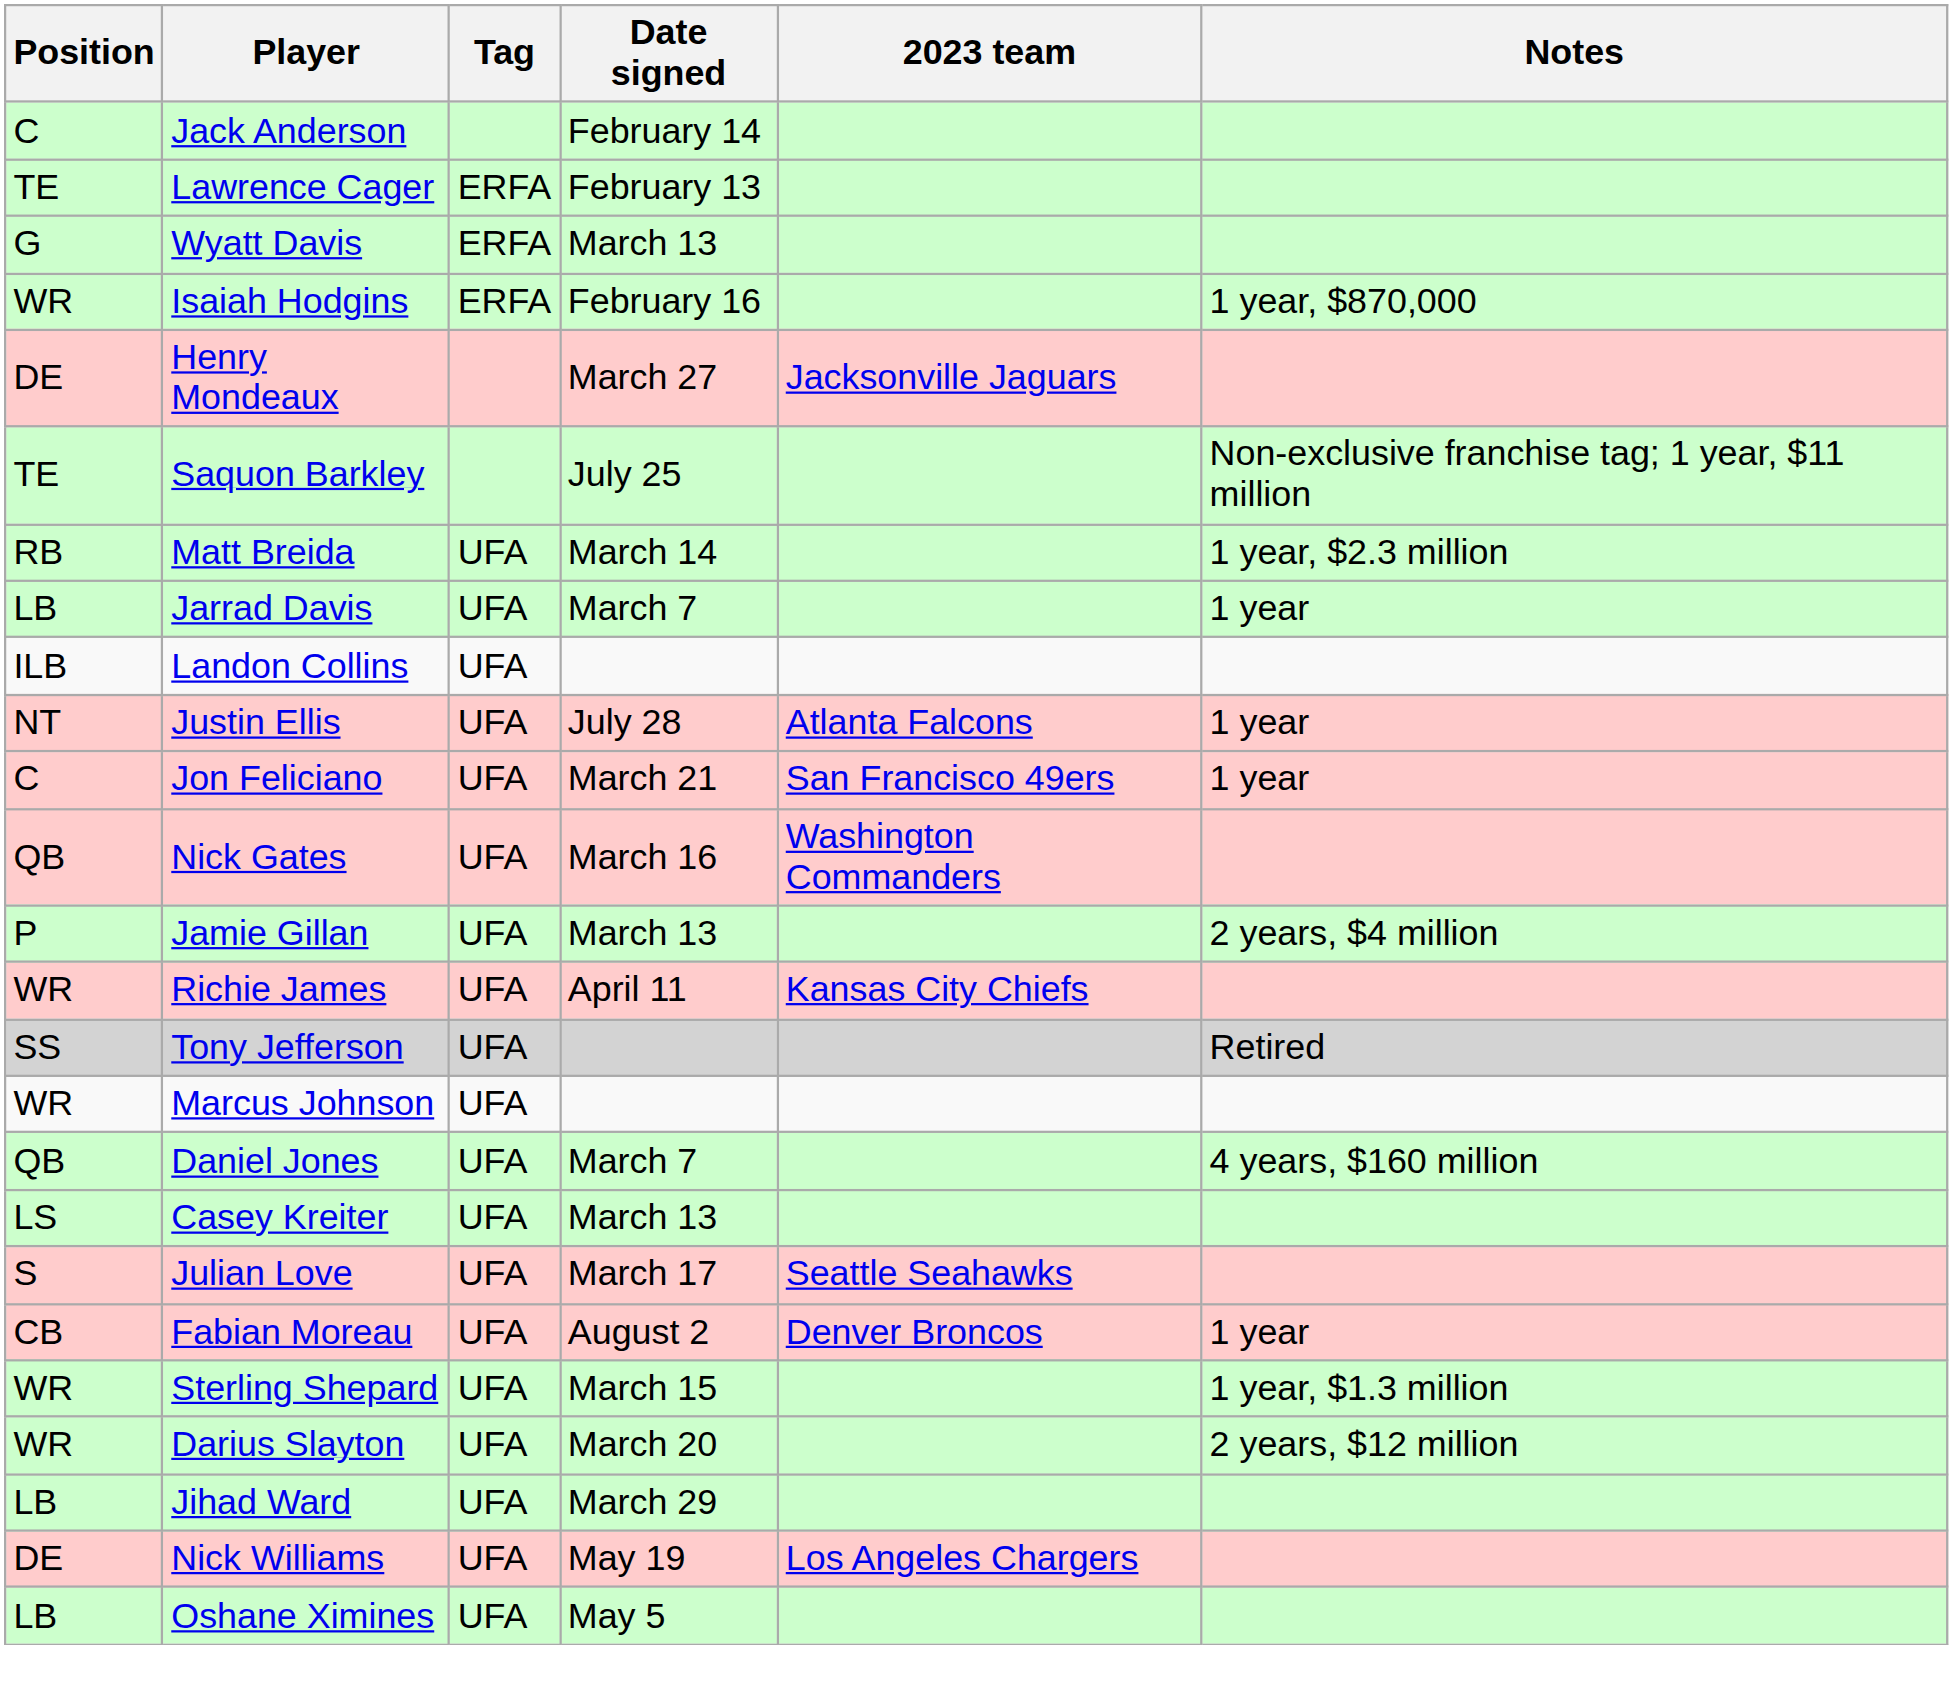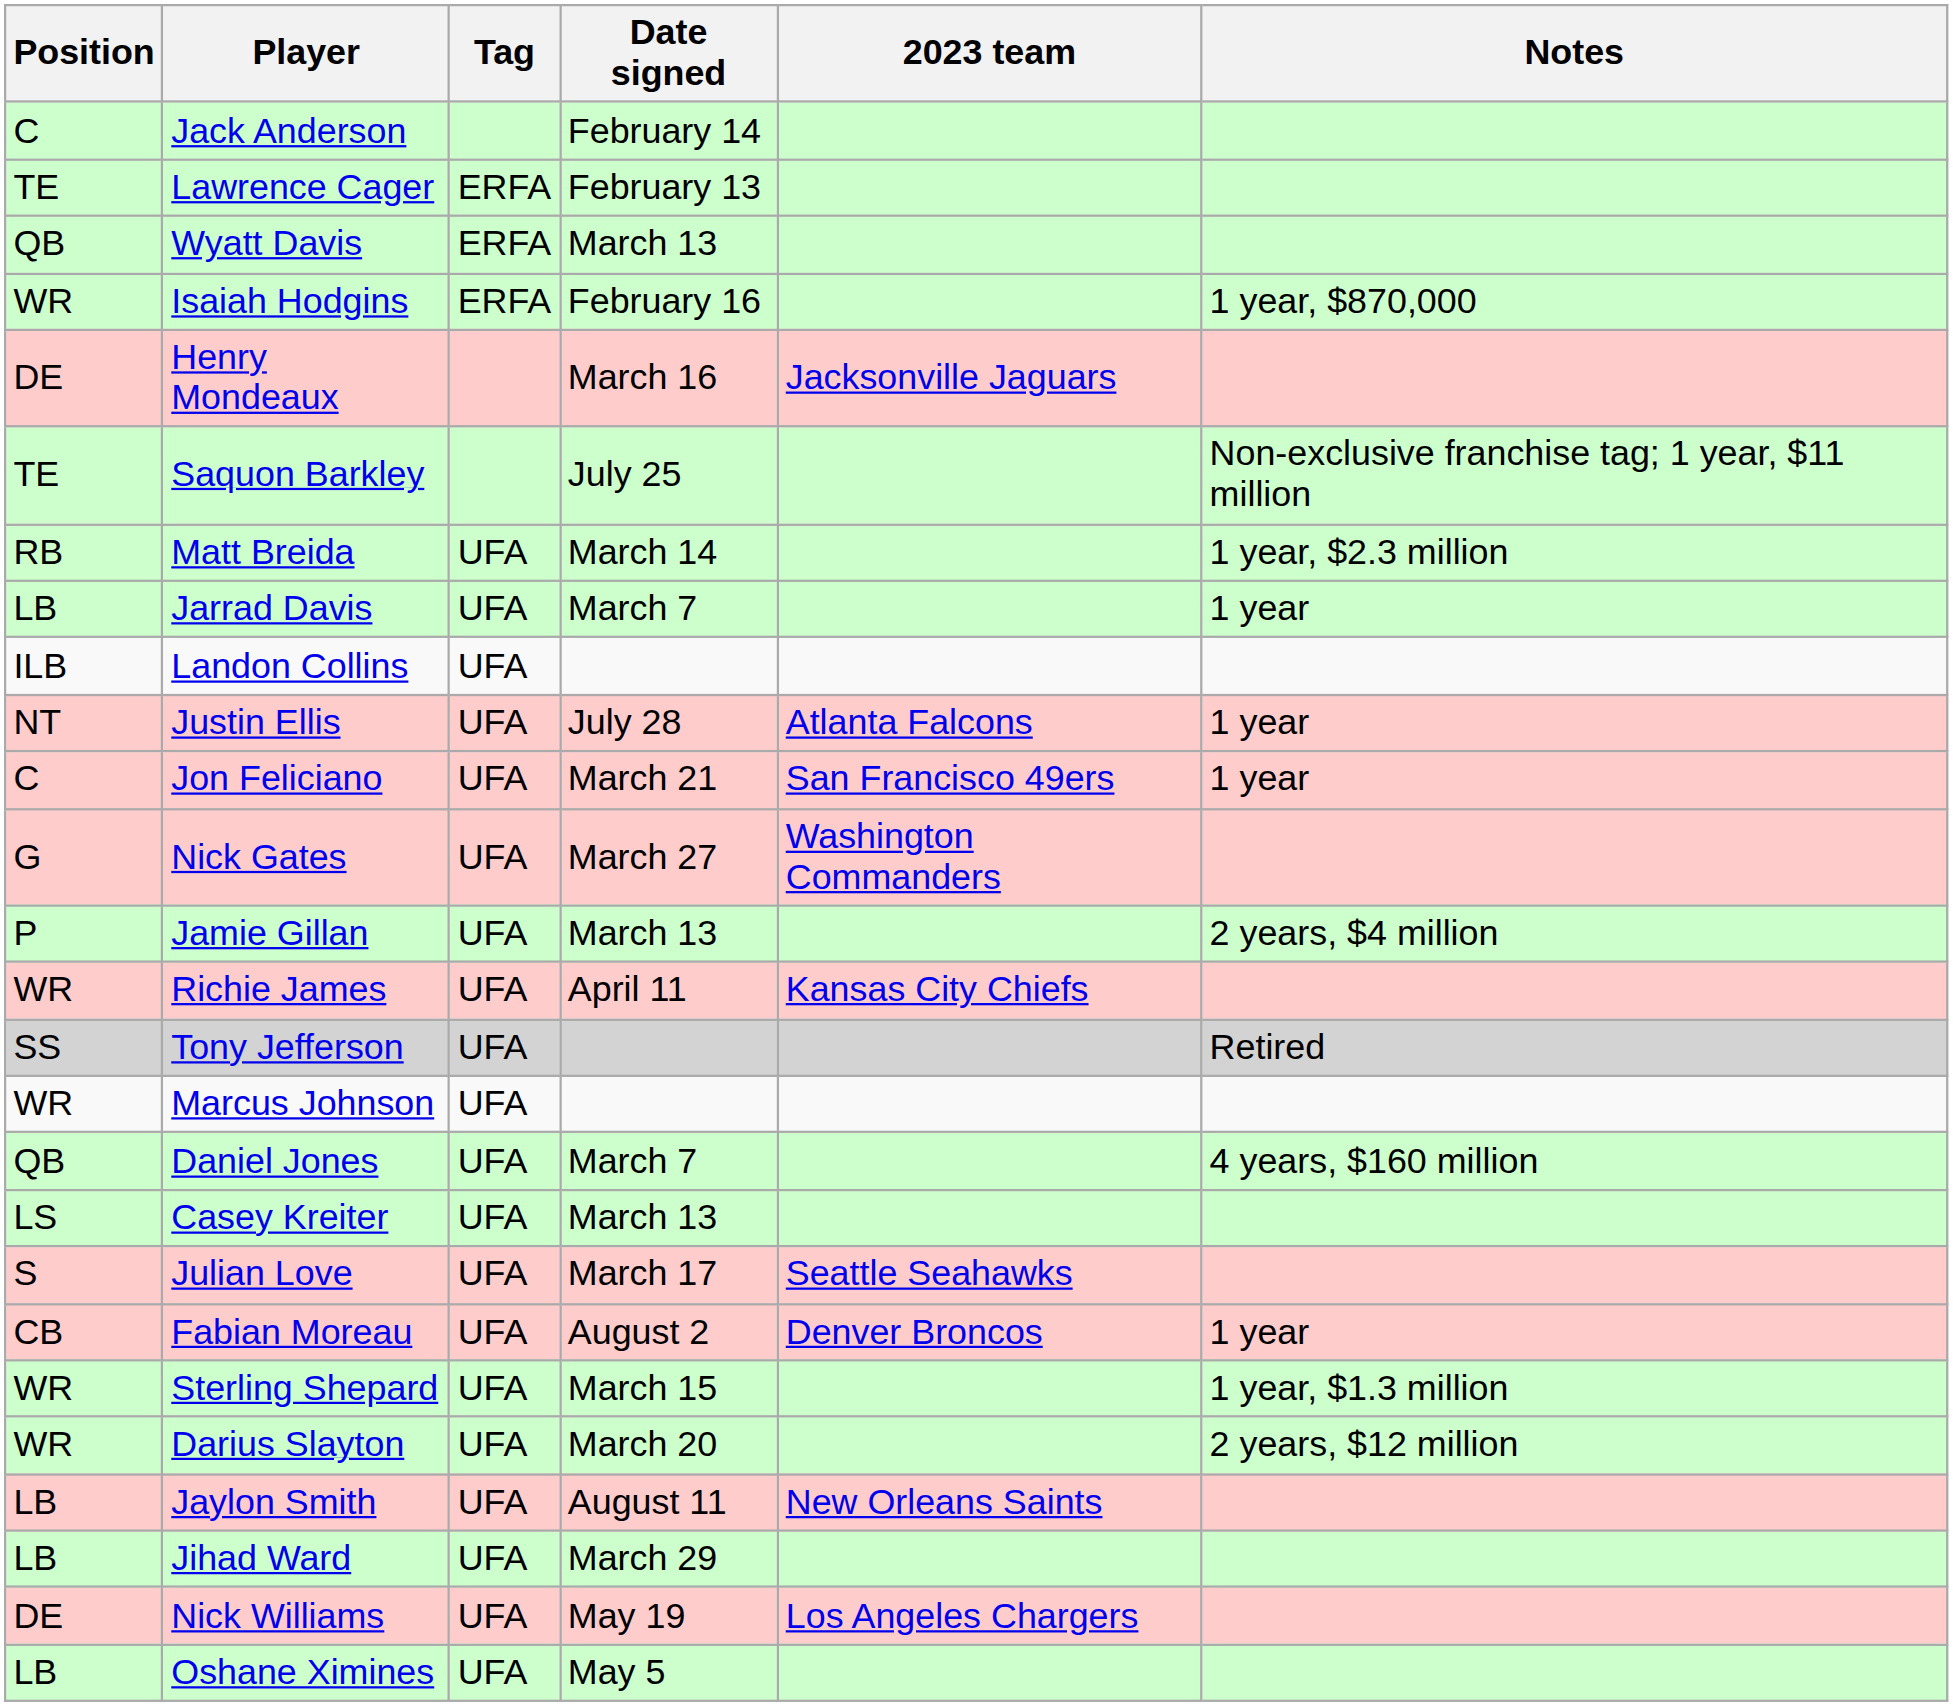 <table class="wikitable">
 <tr>
 <th>Position</th>
 <th>Player</th>
 <th>Tag</th>
 <th>Date signed</th>
 <th>2023 team</th>
 <th>Notes</th>
 </tr>
 <tr bgcolor="#ccffcc">
 <td>C</td>
 <td><a href='#'>Jack Anderson</a></td>
 <td></td>
 <td>February 14</td>
 <td></td>
 <td></td>
 </tr>
 <tr bgcolor="#ccffcc">
 <td>TE</td>
 <td><a href='#'>Lawrence Cager</a></td>
 <td>ERFA</td>
 <td>February 13</td>
 <td></td>
 <td></td>
 </tr>
 <tr bgcolor="#ccffcc">
-<td>G</td>
+<td>QB</td>
 <td><a href='#'>Wyatt Davis</a></td>
 <td>ERFA</td>
 <td>March 13</td>
 <td></td>
 <td></td>
 </tr>
 <tr bgcolor="#ccffcc">
 <td>WR</td>
 <td><a href='#'>Isaiah Hodgins</a></td>
 <td>ERFA</td>
 <td>February 16</td>
 <td></td>
 <td>1 year, $870,000</td>
 </tr>
 <tr bgcolor="#ffcccc">
 <td>DE</td>
 <td><a href='#'>Henry Mondeaux</a></td>
 <td></td>
-<td>March 27</td>
+<td>March 16</td>
 <td><a href='#'>Jacksonville Jaguars</a></td>
 <td></td>
 </tr>
 <tr bgcolor="#ccffcc">
 <td>TE</td>
 <td><a href='#'>Saquon Barkley</a></td>
 <td></td>
 <td>July 25</td>
 <td></td>
 <td>Non-exclusive franchise tag; 1 year, $11 million </td>
 </tr>
 <tr bgcolor="#ccffcc">
 <td>RB</td>
 <td><a href='#'>Matt Breida</a></td>
 <td>UFA</td>
 <td>March 14</td>
 <td></td>
 <td>1 year, $2.3 million</td>
 </tr>
 <tr bgcolor="#ccffcc">
 <td>LB</td>
 <td><a href='#'>Jarrad Davis</a></td>
 <td>UFA</td>
 <td>March 7</td>
 <td></td>
 <td>1 year</td>
 </tr>
 <tr>
 <td>ILB</td>
 <td><a href='#'>Landon Collins</a></td>
 <td>UFA</td>
 <td></td>
 <td></td>
 <td></td>
 </tr>
 <tr bgcolor="#ffcccc">
 <td>NT</td>
 <td><a href='#'>Justin Ellis</a></td>
 <td>UFA</td>
 <td>July 28</td>
 <td><a href='#'>Atlanta Falcons</a></td>
 <td>1 year</td>
 </tr>
 <tr bgcolor="#ffcccc">
 <td>C</td>
 <td><a href='#'>Jon Feliciano</a></td>
 <td>UFA</td>
 <td>March 21</td>
 <td><a href='#'>San Francisco 49ers</a></td>
 <td>1 year</td>
 </tr>
 <tr bgcolor="#ffcccc">
-<td>QB</td>
+<td>G</td>
 <td><a href='#'>Nick Gates</a></td>
 <td>UFA</td>
-<td>March 16</td>
+<td>March 27</td>
 <td><a href='#'>Washington Commanders</a></td>
 <td></td>
 </tr>
 <tr bgcolor="#ccffcc">
 <td>P</td>
 <td><a href='#'>Jamie Gillan</a></td>
 <td>UFA</td>
 <td>March 13</td>
 <td></td>
 <td>2 years, $4 million</td>
 </tr>
 <tr bgcolor="#ffcccc">
 <td>WR</td>
 <td><a href='#'>Richie James</a></td>
 <td>UFA</td>
 <td>April 11</td>
 <td><a href='#'>Kansas City Chiefs</a></td>
 <td></td>
 </tr>
 <tr bgcolor="LightGrey">
 <td>SS</td>
 <td><a href='#'>Tony Jefferson</a></td>
 <td>UFA</td>
 <td></td>
 <td></td>
 <td>Retired</td>
 </tr>
 <tr>
 <td>WR</td>
 <td><a href='#'>Marcus Johnson</a></td>
 <td>UFA</td>
 <td></td>
 <td></td>
 <td></td>
 </tr>
 <tr bgcolor="#ccffcc">
 <td>QB</td>
 <td><a href='#'>Daniel Jones</a></td>
 <td>UFA</td>
 <td>March 7</td>
 <td></td>
 <td>4 years, $160 million</td>
 </tr>
 <tr bgcolor="#ccffcc">
 <td>LS</td>
 <td><a href='#'>Casey Kreiter</a></td>
 <td>UFA</td>
 <td>March 13</td>
 <td></td>
 <td></td>
 </tr>
 <tr bgcolor="#ffcccc">
 <td>S</td>
 <td><a href='#'>Julian Love</a></td>
 <td>UFA</td>
 <td>March 17</td>
 <td><a href='#'>Seattle Seahawks</a></td>
 <td></td>
 </tr>
 <tr bgcolor="#ffcccc">
 <td>CB</td>
 <td><a href='#'>Fabian Moreau</a></td>
 <td>UFA</td>
 <td>August 2</td>
 <td><a href='#'>Denver Broncos</a></td>
 <td>1 year</td>
 </tr>
 <tr bgcolor="#ccffcc">
 <td>WR</td>
 <td><a href='#'>Sterling Shepard</a></td>
 <td>UFA</td>
 <td>March 15</td>
 <td></td>
 <td>1 year, $1.3 million</td>
 </tr>
 <tr bgcolor="#ccffcc">
 <td>WR</td>
 <td><a href='#'>Darius Slayton</a></td>
 <td>UFA</td>
 <td>March 20</td>
 <td></td>
 <td>2 years, $12 million</td>
 </tr>
+<tr bgcolor="#ffcccc">
+<td>LB</td>
+<td><a href='#'>Jaylon Smith</a></td>
+<td>UFA</td>
+<td>August 11</td>
+<td><a href='#'>New Orleans Saints</a></td>
+<td></td>
+</tr>
 <tr bgcolor="#ccffcc">
 <td>LB</td>
 <td><a href='#'>Jihad Ward</a></td>
 <td>UFA</td>
 <td>March 29</td>
 <td></td>
 <td></td>
 </tr>
 <tr bgcolor="#ffcccc">
 <td>DE</td>
 <td><a href='#'>Nick Williams</a></td>
 <td>UFA</td>
 <td>May 19</td>
 <td><a href='#'>Los Angeles Chargers</a></td>
 <td></td>
 </tr>
 <tr bgcolor="#ccffcc">
 <td>LB</td>
 <td><a href='#'>Oshane Ximines</a></td>
 <td>UFA</td>
 <td>May 5</td>
 <td></td>
 <td></td>
 </tr>
 </table>
